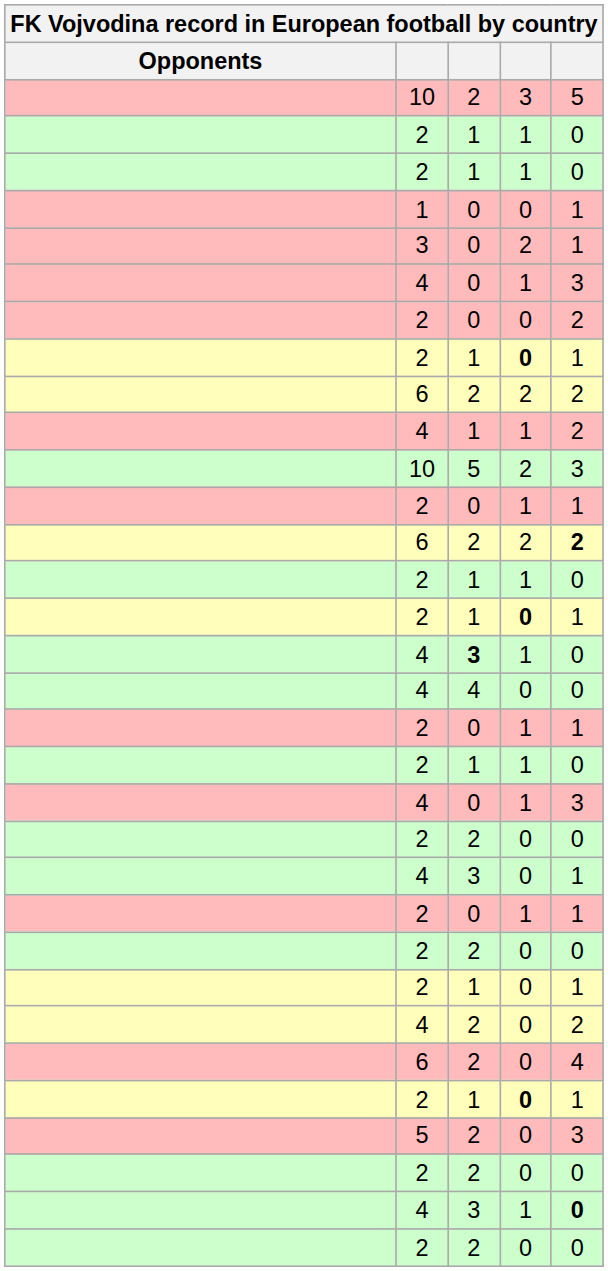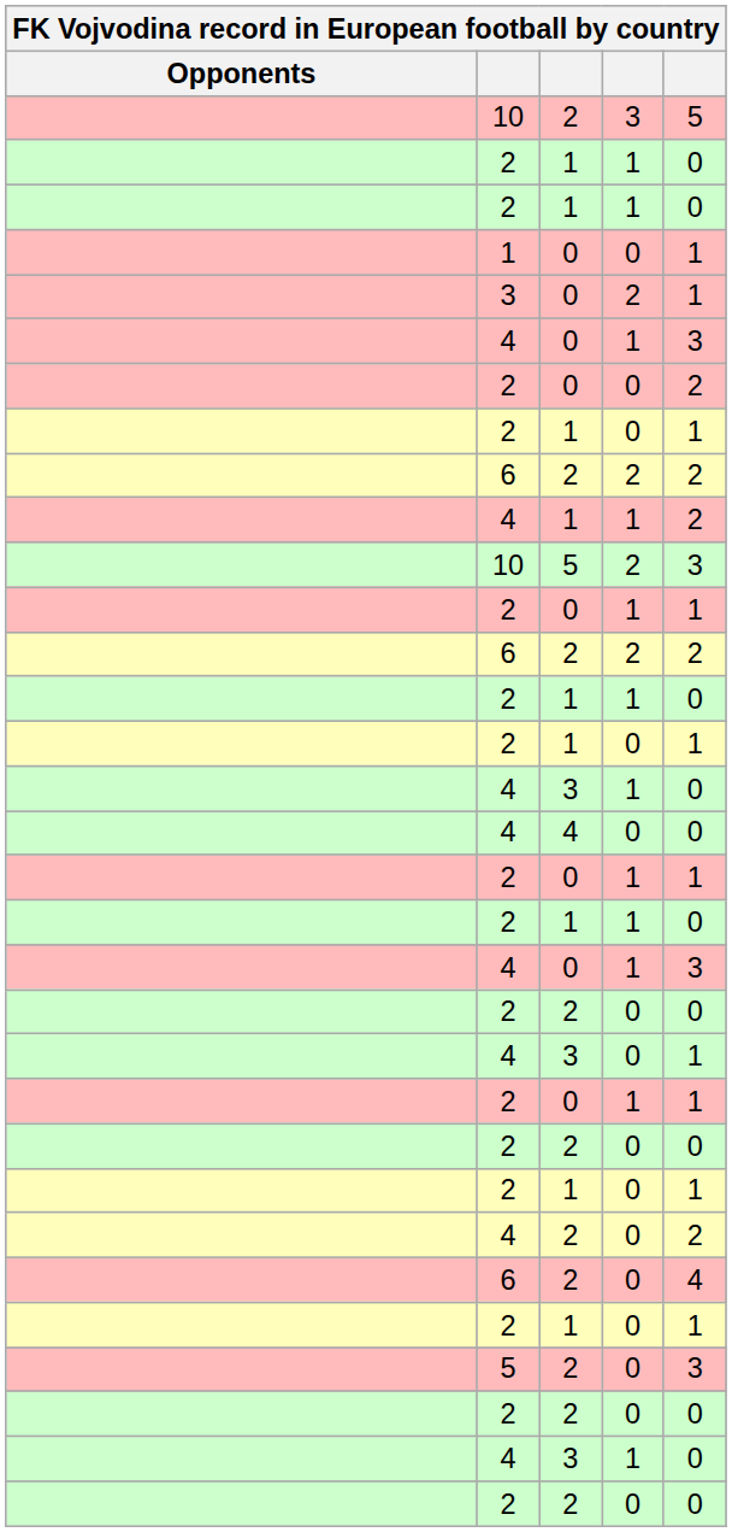 <table class="wikitable sortable collapsed" style="text-align: center; font-size: 90%;">
 <tr>
 <th colspan="8"><strong>FK Vojvodina record in European football by country</strong></th>
 </tr>
 <tr>
 <th>Opponents</th>
 <th width=25></th>
 <th width=25></th>
 <th width=25></th>
 <th width=25></th>
 </tr>
 <tr bgcolor="#FFBBBB">
 <td align="left"></td>
 <td>10</td>
 <td>2</td>
 <td>3</td>
 <td>5</td>
 </tr>
 <tr bgcolor="#CCFFCC">
 <td align="left"></td>
 <td>2</td>
 <td>1</td>
 <td>1</td>
 <td>0</td>
 </tr>
 <tr bgcolor="#CCFFCC">
 <td align="left"></td>
 <td>2</td>
 <td>1</td>
 <td>1</td>
 <td>0</td>
 </tr>
 <tr bgcolor="#FFBBBB">
 <td align="left"></td>
 <td>1</td>
 <td>0</td>
 <td>0</td>
 <td>1</td>
 </tr>
 <tr bgcolor="#FFBBBB">
 <td align="left"></td>
 <td>3</td>
 <td>0</td>
 <td>2</td>
 <td>1</td>
 </tr>
 <tr bgcolor="#FFBBBB">
 <td align="left"></td>
 <td>4</td>
 <td>0</td>
 <td>1</td>
 <td>3</td>
 </tr>
 <tr bgcolor="#FFBBBB">
 <td align="left"></td>
 <td>2</td>
 <td>0</td>
 <td>0</td>
 <td>2</td>
 </tr>
 <tr bgcolor="#FFFFBB">
 <td align="left"></td>
 <td>2</td>
 <td>1</td>
-<td><strong>0</strong></td>
+<td>0</td>
 <td>1</td>
 </tr>
 <tr bgcolor="#FFFFBB">
 <td align="left"></td>
 <td>6</td>
 <td>2</td>
 <td>2</td>
 <td>2</td>
 </tr>
 <tr bgcolor="#FFBBBB">
 <td align="left"></td>
 <td>4</td>
 <td>1</td>
 <td>1</td>
 <td>2</td>
 </tr>
 <tr bgcolor="#CCFFCC">
 <td align="left"></td>
 <td>10</td>
 <td>5</td>
 <td>2</td>
 <td>3</td>
 </tr>
 <tr bgcolor="#FFBBBB">
 <td align="left"></td>
 <td>2</td>
 <td>0</td>
 <td>1</td>
 <td>1</td>
 </tr>
 <tr bgcolor="#FFFFBB">
 <td align="left"></td>
 <td>6</td>
 <td>2</td>
 <td>2</td>
-<td><strong>2</strong></td>
+<td>2</td>
 </tr>
 <tr bgcolor="#CCFFCC">
 <td align="left"></td>
 <td>2</td>
 <td>1</td>
 <td>1</td>
 <td>0</td>
 </tr>
 <tr bgcolor="#FFFFBB">
 <td align="left"></td>
 <td>2</td>
 <td>1</td>
-<td><strong>0</strong></td>
+<td>0</td>
 <td>1</td>
 </tr>
 <tr bgcolor="#CCFFCC">
 <td align="left"></td>
 <td>4</td>
-<td><strong>3</strong></td>
+<td>3</td>
 <td>1</td>
 <td>0</td>
 </tr>
 <tr bgcolor="#CCFFCC">
 <td align="left"></td>
 <td>4</td>
 <td>4</td>
 <td>0</td>
 <td>0</td>
 </tr>
 <tr bgcolor="#FFBBBB">
 <td align="left"></td>
 <td>2</td>
 <td>0</td>
 <td>1</td>
 <td>1</td>
 </tr>
 <tr bgcolor="#CCFFCC">
 <td align="left"></td>
 <td>2</td>
 <td>1</td>
 <td>1</td>
 <td>0</td>
 </tr>
 <tr bgcolor="#FFBBBB">
 <td align="left"></td>
 <td>4</td>
 <td>0</td>
 <td>1</td>
 <td>3</td>
 </tr>
 <tr bgcolor="#CCFFCC">
 <td align="left"></td>
 <td>2</td>
 <td>2</td>
 <td>0</td>
 <td>0</td>
 </tr>
 <tr bgcolor="#CCFFCC">
 <td align="left"></td>
 <td>4</td>
 <td>3</td>
 <td>0</td>
 <td>1</td>
 </tr>
 <tr bgcolor="#FFBBBB">
 <td align="left"></td>
 <td>2</td>
 <td>0</td>
 <td>1</td>
 <td>1</td>
 </tr>
 <tr bgcolor="#CCFFCC">
 <td align="left"></td>
 <td>2</td>
 <td>2</td>
 <td>0</td>
 <td>0</td>
 </tr>
 <tr bgcolor="#FFFFBB">
 <td align="left"></td>
 <td>2</td>
 <td>1</td>
 <td>0</td>
 <td>1</td>
 </tr>
 <tr bgcolor="#FFFFBB">
 <td align="left"></td>
 <td>4</td>
 <td>2</td>
 <td>0</td>
 <td>2</td>
 </tr>
 <tr bgcolor="#FFBBBB">
 <td align="left"></td>
 <td>6</td>
 <td>2</td>
 <td>0</td>
 <td>4</td>
 </tr>
 <tr bgcolor="#FFFFBB">
 <td align="left"></td>
 <td>2</td>
 <td>1</td>
-<td><strong>0</strong></td>
+<td>0</td>
 <td>1</td>
 </tr>
 <tr bgcolor="#FFBBBB">
 <td align="left"></td>
 <td>5</td>
 <td>2</td>
 <td>0</td>
 <td>3</td>
 </tr>
 <tr bgcolor="#CCFFCC">
 <td align="left"></td>
 <td>2</td>
 <td>2</td>
 <td>0</td>
 <td>0</td>
 </tr>
 <tr bgcolor="#CCFFCC">
 <td align="left"></td>
 <td>4</td>
 <td>3</td>
 <td>1</td>
-<td><strong>0</strong></td>
+<td>0</td>
 </tr>
 <tr bgcolor="#CCFFCC">
 <td align="left"></td>
 <td>2</td>
 <td>2</td>
 <td>0</td>
 <td>0</td>
 </tr>
 <tr>
 </tr>
 </table>
